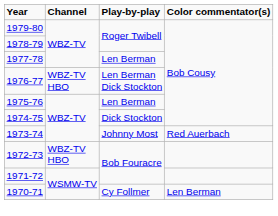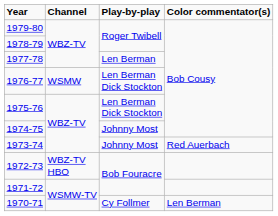 <table class="wikitable">
 <tr>
 <td><strong>Year</strong></td>
 <td><strong>Channel</strong></td>
 <td><strong>Play-by-play</strong></td>
 <td><strong>Color commentator(s)</strong></td>
 </tr>
 <tr>
 <td><a href='#'>1979-80</a></td>
 <td rowspan=3><a href='#'>WBZ-TV</a></td>
 <td rowspan=2><a href='#'>Roger Twibell</a></td>
 <td rowspan=6><a href='#'>Bob Cousy</a></td>
 </tr>
 <tr>
 <td><a href='#'>1978-79</a></td>
 </tr>
 <tr>
 <td><a href='#'>1977-78</a></td>
 <td><a href='#'>Len Berman</a></td>
 </tr>
 <tr>
 <td><a href='#'>1976-77</a></td>
-<td><a href='#'>WBZ-TV</a><br><a href='#'>HBO</a></td>
+<td><a href='#'>WSMW</a></td>
 <td><a href='#'>Len Berman</a><br><a href='#'>Dick Stockton</a></td>
 </tr>
 <tr>
 <td><a href='#'>1975-76</a></td>
 <td rowspan=3><a href='#'>WBZ-TV</a></td>
-<td><a href='#'>Len Berman</a></td>
+<td><a href='#'>Len Berman</a><br><a href='#'>Dick Stockton</a></td>
 </tr>
 <tr>
 <td><a href='#'>1974-75</a></td>
-<td><a href='#'>Dick Stockton</a></td>
+<td><a href='#'>Johnny Most</a></td>
 </tr>
 <tr>
 <td><a href='#'>1973-74</a></td>
 <td><a href='#'>Johnny Most</a></td>
 <td><a href='#'>Red Auerbach</a></td>
 </tr>
 <tr>
 <td><a href='#'>1972-73</a></td>
 <td><a href='#'>WBZ-TV</a><br><a href='#'>HBO</a></td>
 <td rowspan=2><a href='#'>Bob Fouracre</a></td>
 <td></td>
 </tr>
 <tr>
 <td><a href='#'>1971-72</a></td>
 <td rowspan=2><a href='#'>WSMW-TV</a></td>
 <td></td>
 </tr>
 <tr>
 <td><a href='#'>1970-71</a></td>
 <td><a href='#'>Cy Follmer</a></td>
 <td><a href='#'>Len Berman</a></td>
 </tr>
 </table>
